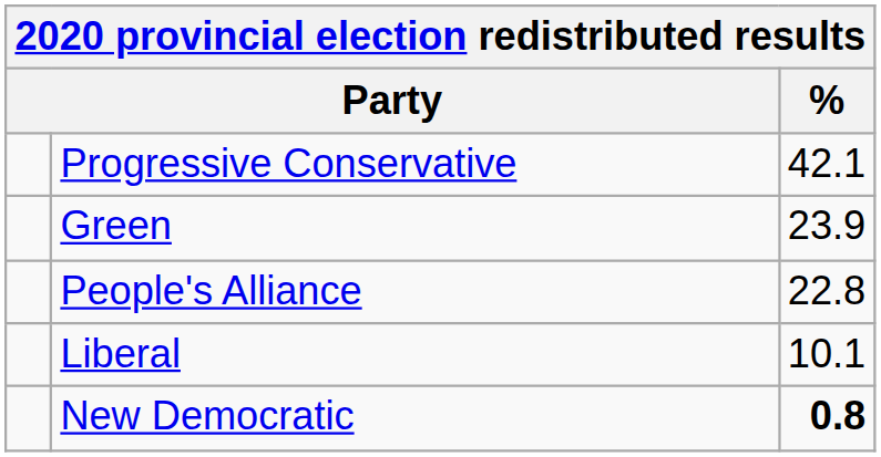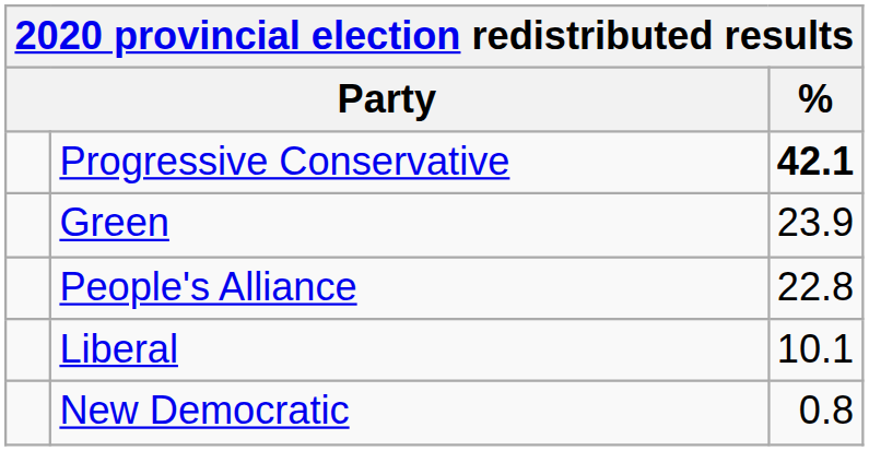 <table class="wikitable">
 <tr>
 <th colspan="4"><a href='#'>2020 provincial election</a> redistributed results</th>
 </tr>
 <tr>
 <th bgcolor="#DDDDFF" width="130px" colspan="2">Party</th>
 <th bgcolor="#DDDDFF" width="30px">%</th>
 </tr>
 <tr>
 <td> </td>
 <td><a href='#'>Progressive Conservative</a></td>
-<td align=right>42.1</td>
+<td align=right><strong>42.1</strong></td>
 </tr>
 <tr>
 <td> </td>
 <td><a href='#'>Green</a></td>
 <td align=right>23.9</td>
 </tr>
 <tr>
 <td> </td>
 <td><a href='#'>People's Alliance</a></td>
 <td align=right>22.8</td>
 </tr>
 <tr>
 <td> </td>
 <td><a href='#'>Liberal</a></td>
 <td align=right>10.1</td>
 </tr>
 <tr>
 <td> </td>
 <td><a href='#'>New Democratic</a></td>
-<td align=right><strong>0.8</strong></td>
+<td align=right>0.8</td>
 </tr>
 </table>
